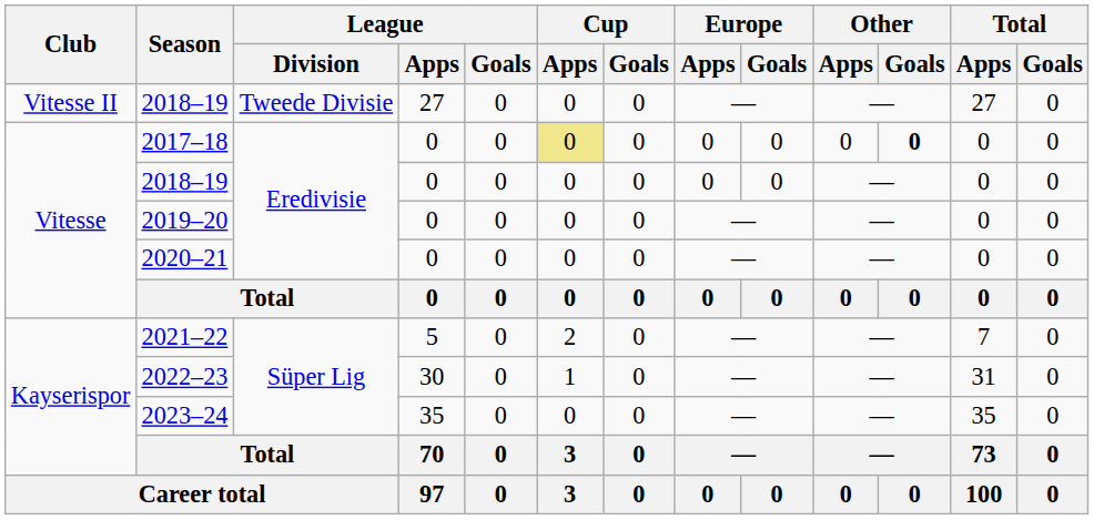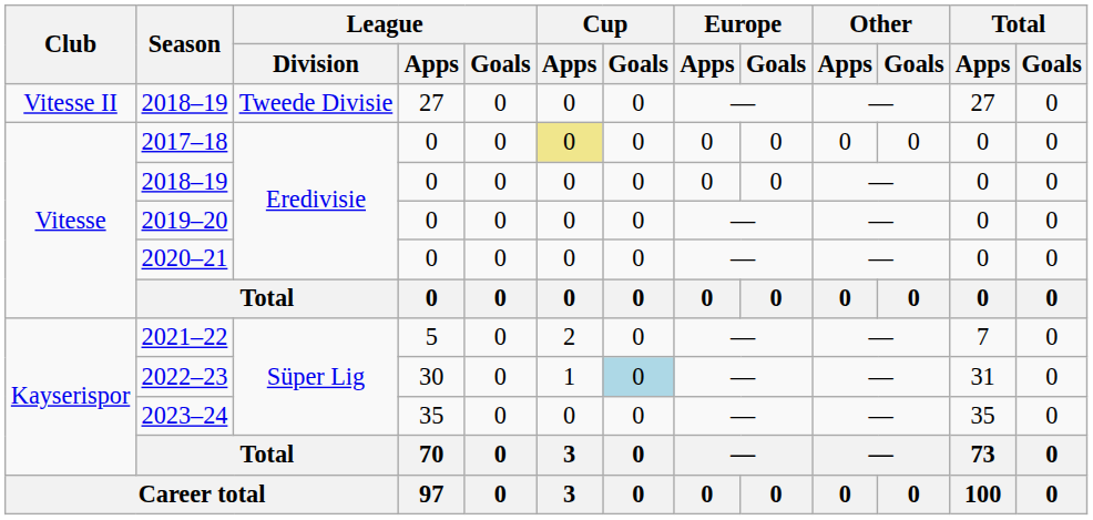 <table class="wikitable" style="text-align: center;">
 <tr>
 <th rowspan="2">Club</th>
 <th rowspan="2">Season</th>
 <th colspan="3">League</th>
 <th colspan="2">Cup</th>
 <th colspan="2">Europe</th>
 <th colspan="2">Other</th>
 <th colspan="2">Total</th>
 </tr>
 <tr>
 <th>Division</th>
 <th>Apps</th>
 <th>Goals</th>
 <th>Apps</th>
 <th>Goals</th>
 <th>Apps</th>
 <th>Goals</th>
 <th>Apps</th>
 <th>Goals</th>
 <th>Apps</th>
 <th>Goals</th>
 </tr>
 <tr>
 <td><a href='#'>Vitesse II</a></td>
 <td><a href='#'>2018–19</a></td>
 <td><a href='#'>Tweede Divisie</a></td>
 <td>27</td>
 <td>0</td>
 <td>0</td>
 <td>0</td>
 <td colspan="2">—</td>
 <td colspan="2">—</td>
 <td>27</td>
 <td>0</td>
 </tr>
 <tr>
 <td rowspan="5"><a href='#'>Vitesse</a></td>
 <td><a href='#'>2017–18</a></td>
 <td rowspan="4"><a href='#'>Eredivisie</a></td>
 <td>0</td>
 <td>0</td>
 <td style="background: khaki;">0</td>
 <td>0</td>
 <td>0</td>
 <td>0</td>
 <td>0</td>
-<td><strong>0</strong></td>
+<td>0</td>
 <td>0</td>
 <td>0</td>
 </tr>
 <tr>
 <td><a href='#'>2018–19</a></td>
 <td>0</td>
 <td>0</td>
 <td>0</td>
 <td>0</td>
 <td>0</td>
 <td>0</td>
 <td colspan="2">—</td>
 <td>0</td>
 <td>0</td>
 </tr>
 <tr>
 <td><a href='#'>2019–20</a></td>
 <td>0</td>
 <td>0</td>
 <td>0</td>
 <td>0</td>
 <td colspan="2">—</td>
 <td colspan="2">—</td>
 <td>0</td>
 <td>0</td>
 </tr>
 <tr>
 <td><a href='#'>2020–21</a></td>
 <td>0</td>
 <td>0</td>
 <td>0</td>
 <td>0</td>
 <td colspan="2">—</td>
 <td colspan="2">—</td>
 <td>0</td>
 <td>0</td>
 </tr>
 <tr>
 <th colspan="2">Total</th>
 <th>0</th>
 <th>0</th>
 <th>0</th>
 <th>0</th>
 <th>0</th>
 <th>0</th>
 <th>0</th>
 <th>0</th>
 <th>0</th>
 <th>0</th>
 </tr>
 <tr>
 <td rowspan="4"><a href='#'>Kayserispor</a></td>
 <td><a href='#'>2021–22</a></td>
 <td rowspan="3"><a href='#'>Süper Lig</a></td>
 <td>5</td>
 <td>0</td>
 <td>2</td>
 <td>0</td>
 <td colspan="2">—</td>
 <td colspan="2">—</td>
 <td>7</td>
 <td>0</td>
 </tr>
 <tr>
 <td><a href='#'>2022–23</a></td>
 <td>30</td>
 <td>0</td>
 <td>1</td>
-<td>0</td>
+<td style="background: lightblue;">0</td>
 <td colspan="2">—</td>
 <td colspan="2">—</td>
 <td>31</td>
 <td>0</td>
 </tr>
 <tr>
 <td><a href='#'>2023–24</a></td>
 <td>35</td>
 <td>0</td>
 <td>0</td>
 <td>0</td>
 <td colspan="2">—</td>
 <td colspan="2">—</td>
 <td>35</td>
 <td>0</td>
 </tr>
 <tr>
 <th colspan="2">Total</th>
 <th>70</th>
 <th>0</th>
 <th>3</th>
 <th>0</th>
 <th colspan="2">—</th>
 <th colspan="2">—</th>
 <th>73</th>
 <th>0</th>
 </tr>
 <tr>
 <th colspan="3">Career total</th>
 <th>97</th>
 <th>0</th>
 <th>3</th>
 <th>0</th>
 <th>0</th>
 <th>0</th>
 <th>0</th>
 <th>0</th>
 <th>100</th>
 <th>0</th>
 </tr>
 </table>
